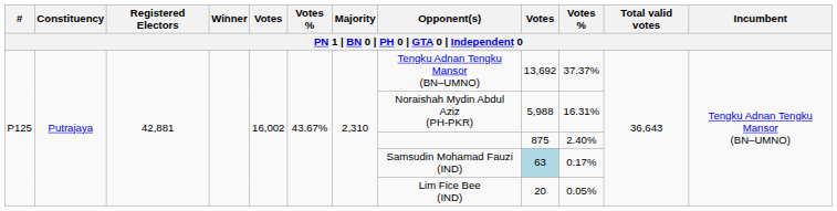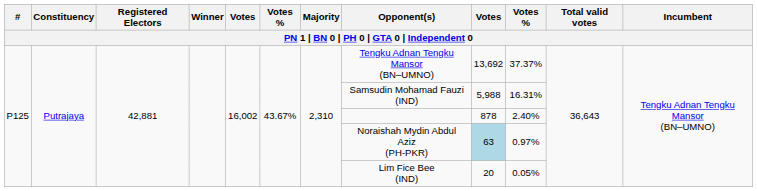 <table class="wikitable sortable" style">
 <tr>
 <th>#</th>
 <th>Constituency</th>
 <th>Registered Electors</th>
 <th>Winner</th>
 <th>Votes</th>
 <th>Votes %</th>
 <th>Majority</th>
 <th>Opponent(s)</th>
 <th>Votes</th>
 <th>Votes %</th>
 <th>Total valid votes</th>
 <th>Incumbent</th>
 </tr>
 <tr>
 <th colspan="13"><a href='#'>PN</a> <strong>1</strong>  |  <a href='#'>BN</a> <strong>0</strong>  | <a href='#'>PH</a> <strong>0</strong> |  <a href='#'>GTA</a> <strong>0</strong> | <a href='#'>Independent</a> <strong>0</strong></th>
 </tr>
 <tr align="center">
 <td rowspan=5>P125</td>
 <td rowspan=5><a href='#'>Putrajaya</a></td>
 <td rowspan=5>42,881</td>
 <td rowspan=5><br></td>
 <td rowspan=5>16,002</td>
 <td rowspan=5>43.67%</td>
 <td rowspan=5>2,310</td>
 <td><a href='#'>Tengku Adnan Tengku Mansor</a><br>(BN–UMNO)</td>
 <td>13,692</td>
 <td>37.37%</td>
 <td rowspan=5>36,643</td>
 <td rowspan=5><a href='#'>Tengku Adnan Tengku Mansor</a><br>(BN–UMNO)</td>
 </tr>
 <tr align="center">
-<td>Noraishah Mydin Abdul <br> Aziz<br>(PH-PKR)</td>
+<td>Samsudin Mohamad Fauzi<br>(IND)</td>
 <td>5,988</td>
 <td>16.31%</td>
 </tr>
 <tr align="center">
 <td></td>
-<td>875</td>
+<td>878</td>
 <td>2.40%</td>
 </tr>
 <tr align="center">
-<td>Samsudin Mohamad Fauzi<br>(IND)</td>
+<td>Noraishah Mydin Abdul <br> Aziz<br>(PH-PKR)</td>
 <td style="background: lightblue;">63</td>
-<td>0.17%</td>
+<td>0.97%</td>
 </tr>
 <tr align="center">
 <td>Lim Fice Bee<br>(IND)</td>
 <td>20</td>
 <td>0.05%</td>
 </tr>
 </table>
